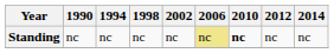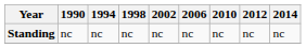 <table class="wikitable">
 <tr>
 <th>Year</th>
 <th>1990</th>
 <th>1994</th>
 <th>1998</th>
 <th>2002</th>
 <th>2006</th>
 <th>2010</th>
 <th>2012</th>
 <th>2014</th>
 </tr>
 <tr>
 <th>Standing</th>
 <td>nc</td>
 <td>nc</td>
 <td>nc</td>
 <td>nc</td>
-<td style="background: khaki;">nc</td>
-<td><strong>nc</strong></td>
+<td>nc</td>
+<td>nc</td>
 <td>nc</td>
 <td>nc</td>
 </tr>
 <tr>
 </tr>
 </table>
